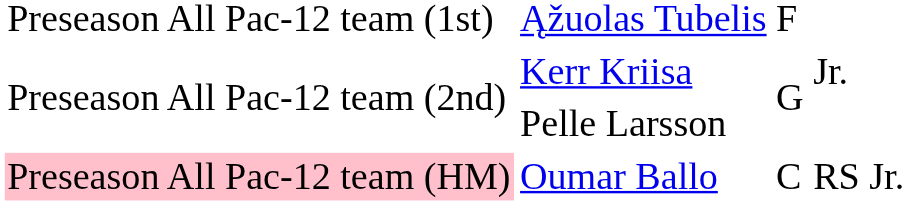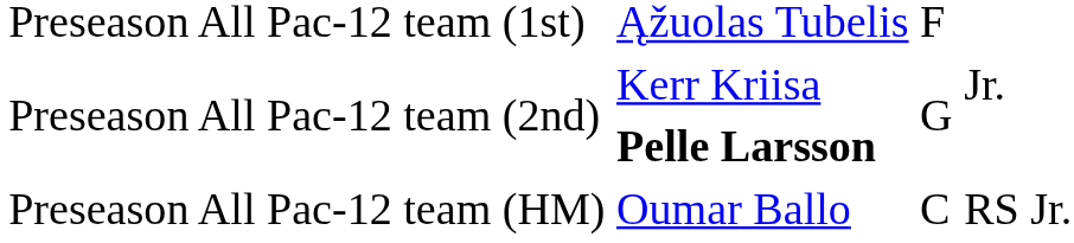 <table class="wiki table">
 <tr>
 <td>Preseason All Pac-12 team (1st)</td>
 <td><a href='#'>Ąžuolas Tubelis</a></td>
 <td>F</td>
 <td rowspan=3>Jr.</td>
 </tr>
 <tr>
 <td rowspan=2>Preseason All Pac-12 team (2nd)</td>
 <td><a href='#'>Kerr Kriisa</a></td>
 <td rowspan=2>G</td>
 </tr>
 <tr>
-<td>Pelle Larsson</td>
+<td><strong>Pelle Larsson</strong></td>
 </tr>
 <tr>
-<td style="background: pink;">Preseason All Pac-12 team (HM)</td>
+<td>Preseason All Pac-12 team (HM)</td>
 <td><a href='#'>Oumar Ballo</a></td>
 <td>C</td>
 <td>RS Jr.</td>
 </tr>
 <tr>
 </tr>
 </table>
